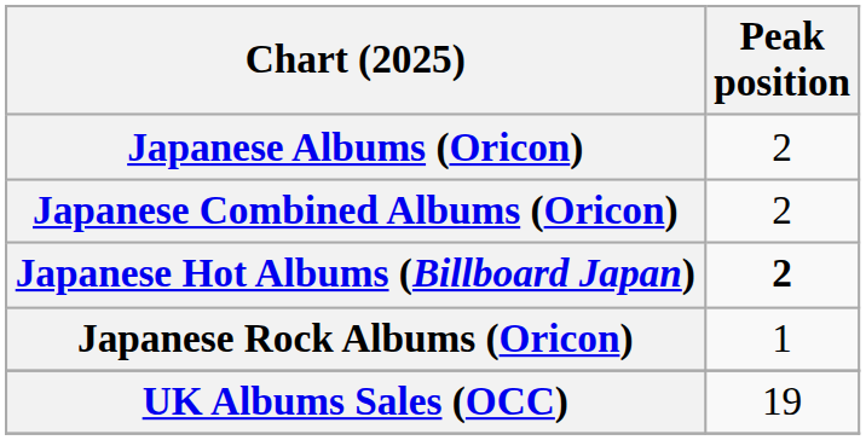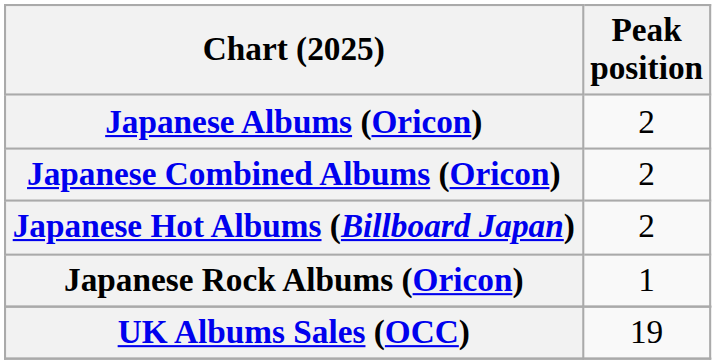 <table class="wikitable sortable plainrowheaders" style="text-align:center">
 <tr>
 <th scope="col">Chart (2025)</th>
 <th scope="col">Peak<br>position</th>
 </tr>
 <tr>
 <th scope="row"><a href='#'>Japanese Albums</a> (<a href='#'>Oricon</a>)</th>
 <td>2</td>
 </tr>
 <tr>
 <th scope="row"><a href='#'>Japanese Combined Albums</a> (<a href='#'>Oricon</a>)</th>
 <td>2</td>
 </tr>
 <tr>
 <th scope="row"><a href='#'>Japanese Hot Albums</a> (<em><a href='#'>Billboard Japan</a></em>)</th>
-<td><strong>2</strong></td>
+<td>2</td>
 </tr>
 <tr>
 <th scope="row">Japanese Rock Albums (<a href='#'>Oricon</a>)</th>
 <td>1</td>
 </tr>
 <tr>
 </tr>
 <tr>
 <th scope="row"><a href='#'>UK Albums Sales</a> (<a href='#'>OCC</a>)</th>
 <td>19</td>
 </tr>
 <tr>
 </tr>
 </table>
